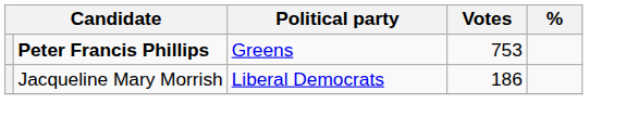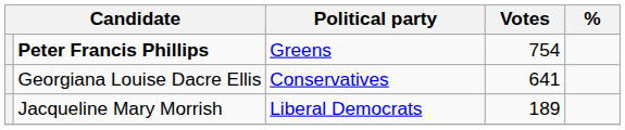 <table class="wikitable">
 <tr>
 <th valign=top colspan="2" style="width: 180px">Candidate</th>
 <th valign=top style="width: 180px">Political party</th>
 <th valign=top style="width: 60px">Votes</th>
 <th valign=top style="width: 40px">%</th>
 </tr>
 <tr>
 <th style="background-color: "></th>
 <td><strong>Peter Francis Phillips</strong></td>
 <td><a href='#'>Greens</a></td>
-<td align="right">753</td>
+<td align="right">754</td>
+<td align="right"></td>
+</tr>
+<tr>
+<th style="background-color: "></th>
+<td>Georgiana Louise Dacre Ellis</td>
+<td><a href='#'>Conservatives</a></td>
+<td align="right">641</td>
 <td align="right"></td>
 </tr>
 <tr>
 <th style="background-color: "></th>
 <td>Jacqueline Mary Morrish</td>
 <td><a href='#'>Liberal Democrats</a></td>
-<td align="right">186</td>
+<td align="right">189</td>
 <td align="right"></td>
 </tr>
 <tr>
 </tr>
 </table>
